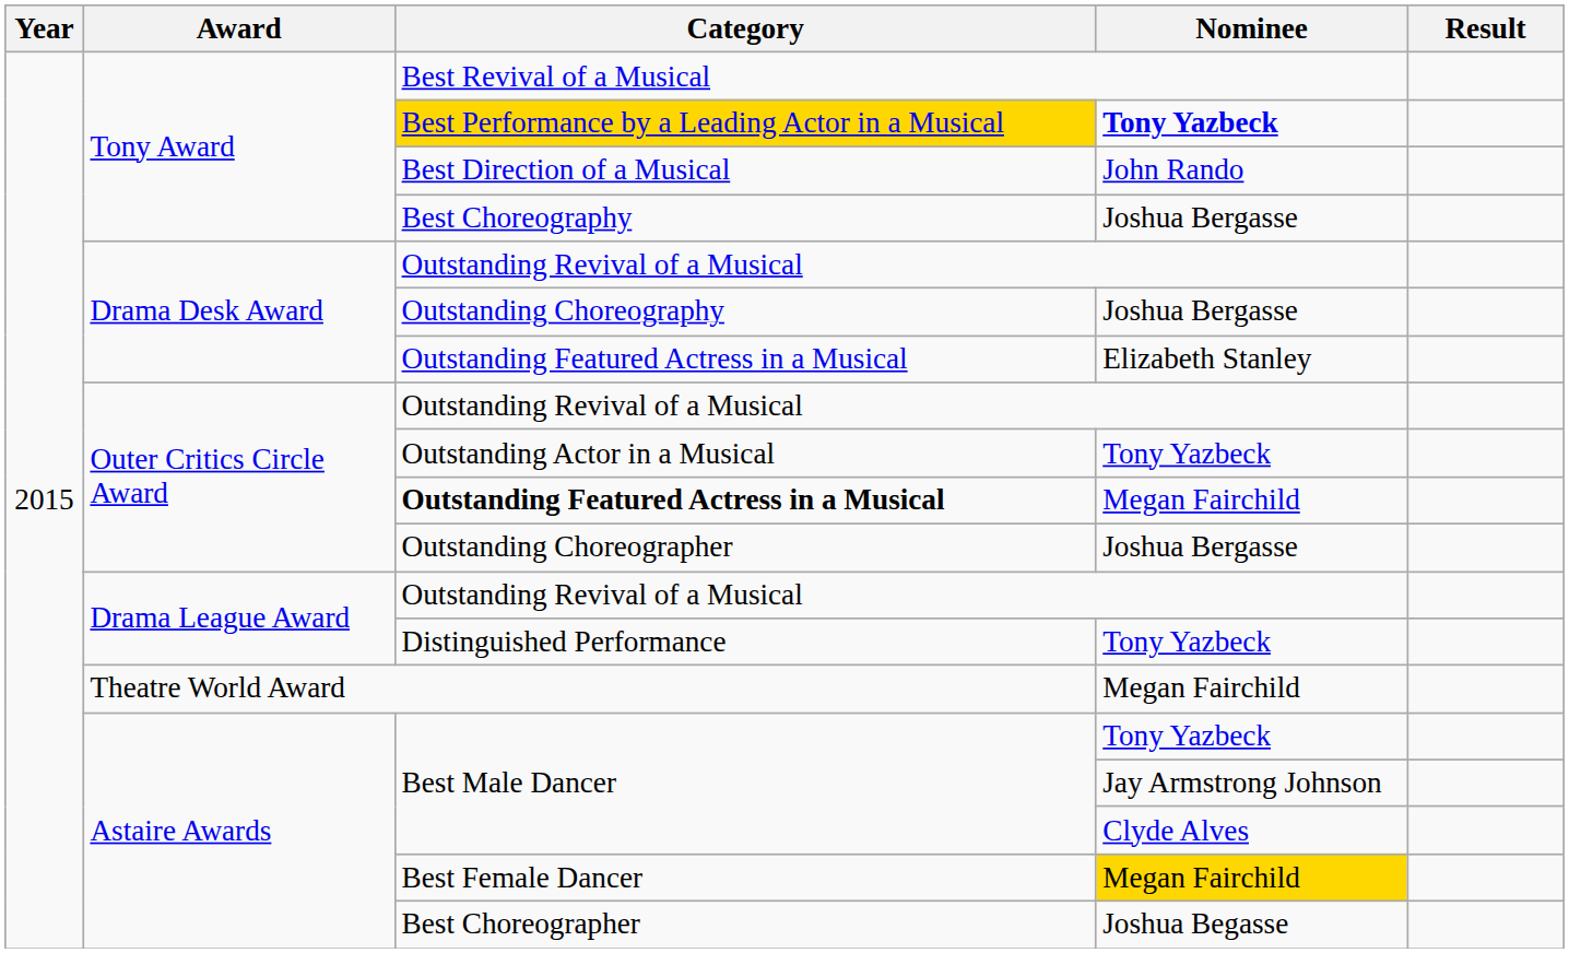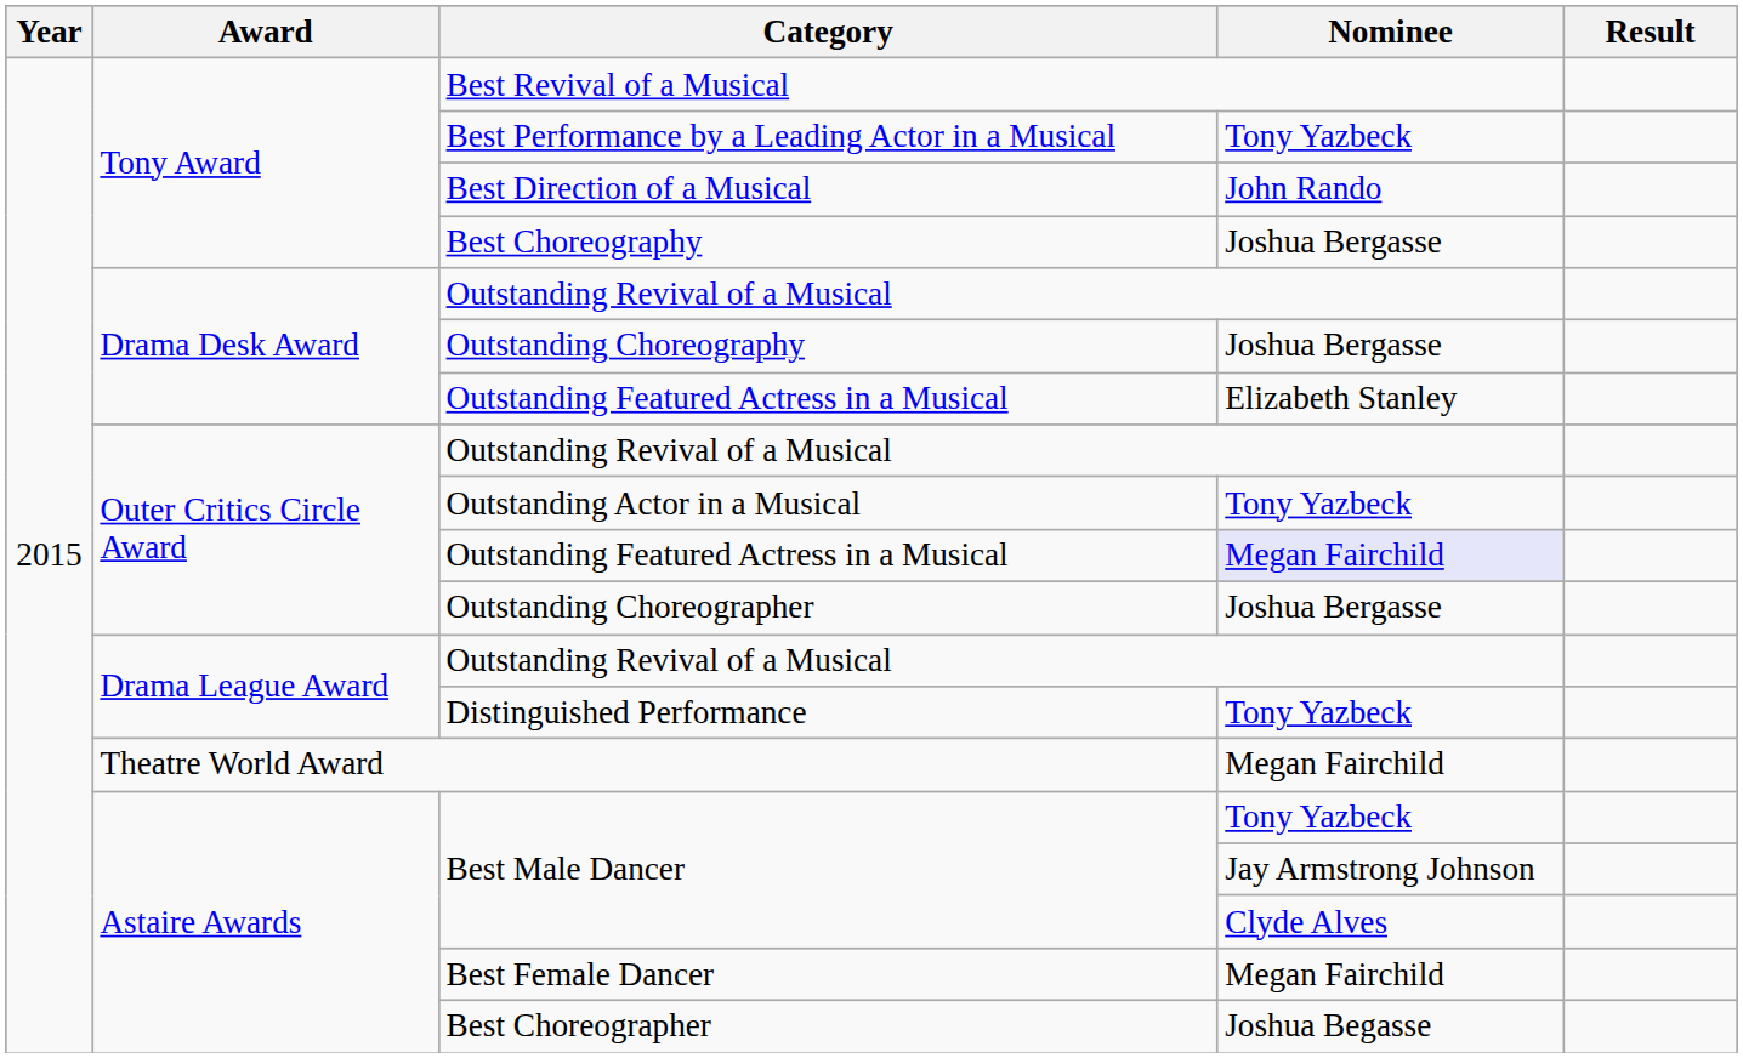 <table class="wikitable" style="width:95%;">
 <tr>
 <th style="width:5%;">Year</th>
 <th style="width:20%;">Award</th>
 <th style="width:45%;">Category</th>
 <th style="width:20%;">Nominee</th>
 <th style="width:10%;">Result</th>
 </tr>
 <tr>
 <td rowspan="19" style="text-align:center;">2015</td>
 <td rowspan="4"><a href='#'>Tony Award</a></td>
 <td colspan="2"><a href='#'>Best Revival of a Musical</a></td>
 <td></td>
 </tr>
 <tr>
-<td style="background: gold;"><a href='#'>Best Performance by a Leading Actor in a Musical</a></td>
-<td><strong><a href='#'>Tony Yazbeck</a></strong></td>
+<td><a href='#'>Best Performance by a Leading Actor in a Musical</a></td>
+<td><a href='#'>Tony Yazbeck</a></td>
 <td></td>
 </tr>
 <tr>
 <td><a href='#'>Best Direction of a Musical</a></td>
 <td><a href='#'>John Rando</a></td>
 <td></td>
 </tr>
 <tr>
 <td><a href='#'>Best Choreography</a></td>
 <td>Joshua Bergasse</td>
 <td></td>
 </tr>
 <tr>
 <td rowspan="3"><a href='#'>Drama Desk Award</a></td>
 <td colspan="2"><a href='#'>Outstanding Revival of a Musical</a></td>
 <td></td>
 </tr>
 <tr>
 <td><a href='#'>Outstanding Choreography</a></td>
 <td>Joshua Bergasse</td>
 <td></td>
 </tr>
 <tr>
 <td><a href='#'>Outstanding Featured Actress in a Musical</a></td>
 <td>Elizabeth Stanley</td>
 <td></td>
 </tr>
 <tr>
 <td rowspan="4"><a href='#'>Outer Critics Circle Award</a></td>
 <td colspan="2">Outstanding Revival of a Musical</td>
 <td></td>
 </tr>
 <tr>
 <td>Outstanding Actor in a Musical</td>
 <td><a href='#'>Tony Yazbeck</a></td>
 <td></td>
 </tr>
 <tr>
-<td><strong>Outstanding Featured Actress in a Musical</strong></td>
-<td><a href='#'>Megan Fairchild</a></td>
+<td>Outstanding Featured Actress in a Musical</td>
+<td style="background: lavender;"><a href='#'>Megan Fairchild</a></td>
 <td></td>
 </tr>
 <tr>
 <td>Outstanding Choreographer</td>
 <td>Joshua Bergasse</td>
 <td></td>
 </tr>
 <tr>
 <td rowspan="2"><a href='#'>Drama League Award</a></td>
 <td colspan="2">Outstanding Revival of a Musical</td>
 <td></td>
 </tr>
 <tr>
 <td>Distinguished Performance</td>
 <td><a href='#'>Tony Yazbeck</a></td>
 <td></td>
 </tr>
 <tr>
 <td colspan="2">Theatre World Award</td>
 <td>Megan Fairchild</td>
 <td></td>
 </tr>
 <tr>
 <td rowspan="5"><a href='#'>Astaire Awards</a></td>
 <td rowspan="3">Best Male Dancer</td>
 <td><a href='#'>Tony Yazbeck</a></td>
 <td></td>
 </tr>
 <tr>
 <td>Jay Armstrong Johnson</td>
 <td></td>
 </tr>
 <tr>
 <td><a href='#'>Clyde Alves</a></td>
 <td></td>
 </tr>
 <tr>
 <td>Best Female Dancer</td>
-<td style="background: gold;">Megan Fairchild</td>
+<td>Megan Fairchild</td>
 <td></td>
 </tr>
 <tr>
 <td>Best Choreographer</td>
 <td>Joshua Begasse</td>
 <td></td>
 </tr>
 <tr>
 </tr>
 </table>
